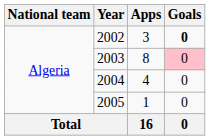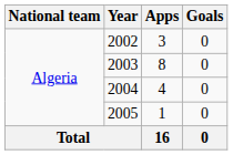 <table class="wikitable" style="text-align:center">
 <tr>
 <th>National team</th>
 <th>Year</th>
 <th>Apps</th>
 <th>Goals</th>
 </tr>
 <tr>
 <td rowspan="4"><a href='#'>Algeria</a></td>
 <td>2002</td>
 <td>3</td>
-<td><strong>0</strong></td>
+<td>0</td>
 </tr>
 <tr>
 <td>2003</td>
 <td>8</td>
-<td style="background: pink;">0</td>
+<td>0</td>
 </tr>
 <tr>
 <td>2004</td>
 <td>4</td>
 <td>0</td>
 </tr>
 <tr>
 <td>2005</td>
 <td>1</td>
 <td>0</td>
 </tr>
 <tr>
 <th colspan="2">Total</th>
 <th>16</th>
 <th>0</th>
 </tr>
 </table>
